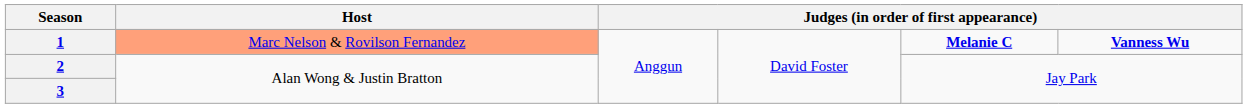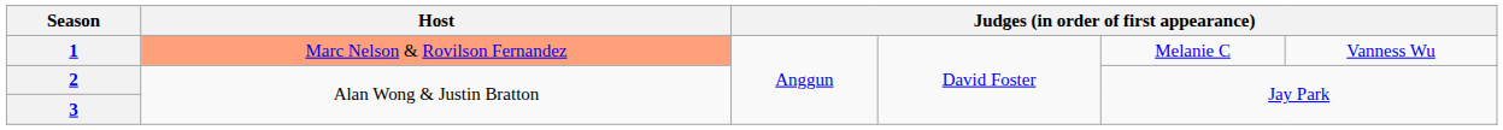 <table class="wikitable" style="margin-left: auto; margin-right: auto; border: none; text-align:center; font-size:90%; width: 60%;">
 <tr>
 <th>Season</th>
 <th>Host</th>
 <th colspan="4">Judges (in order of first appearance)</th>
 </tr>
 <tr>
 <th scope="row"><a href='#'>1</a></th>
 <td style="background: lightsalmon;"><a href='#'>Marc Nelson</a> & <a href='#'>Rovilson Fernandez</a></td>
 <td rowspan="3"><a href='#'>Anggun</a></td>
 <td rowspan="3"><a href='#'>David Foster</a></td>
-<td><strong><a href='#'>Melanie C</a></strong></td>
-<td><strong><a href='#'>Vanness Wu</a></strong></td>
+<td><a href='#'>Melanie C</a></td>
+<td><a href='#'>Vanness Wu</a></td>
 </tr>
 <tr>
 <th scope="row"><a href='#'>2</a></th>
 <td rowspan="2">Alan Wong & Justin Bratton</td>
 <td colspan="2" rowspan="2"><a href='#'>Jay Park</a></td>
 </tr>
 <tr>
 <th scope="row"><a href='#'>3</a></th>
 </tr>
 </table>
